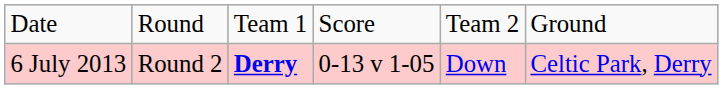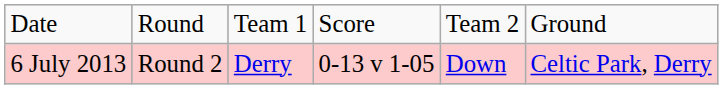 <table class="wikitable">
 <tr>
 <td>Date</td>
 <td>Round</td>
 <td>Team 1</td>
 <td>Score</td>
 <td>Team 2</td>
 <td>Ground</td>
 </tr>
 <tr style="background:#fdcbcb;">
 <td>6 July 2013</td>
 <td>Round 2</td>
-<td><strong><a href='#'>Derry</a></strong></td>
+<td><a href='#'>Derry</a></td>
 <td>0-13 v 1-05</td>
 <td><a href='#'>Down</a></td>
 <td><a href='#'>Celtic Park</a>, <a href='#'>Derry</a></td>
 </tr>
 </table>
